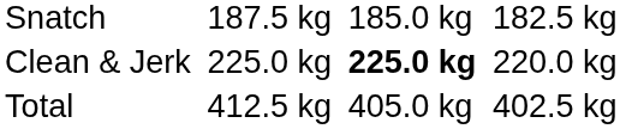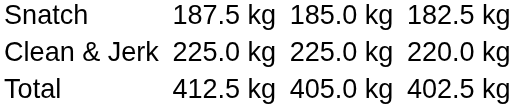 <table>
 <tr>
 <td>Snatch</td>
 <td></td>
 <td>187.5 kg</td>
 <td></td>
 <td>185.0 kg</td>
 <td></td>
 <td>182.5 kg</td>
 </tr>
 <tr>
 <td>Clean & Jerk</td>
 <td></td>
 <td>225.0 kg</td>
 <td></td>
-<td><strong>225.0 kg</strong></td>
+<td>225.0 kg</td>
 <td></td>
 <td>220.0 kg</td>
 </tr>
 <tr>
 <td>Total</td>
 <td></td>
 <td>412.5 kg</td>
 <td></td>
 <td>405.0 kg</td>
 <td></td>
 <td>402.5 kg</td>
 </tr>
 </table>
